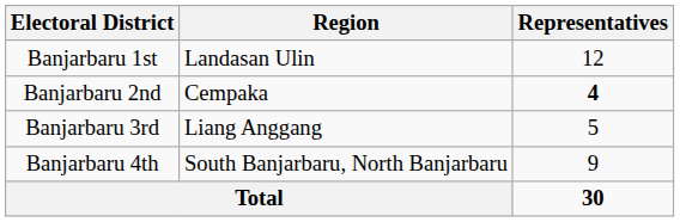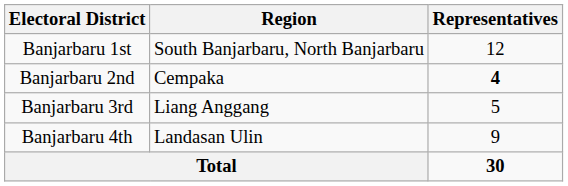 <table class="wikitable">
 <tr>
 <th>Electoral District</th>
 <th>Region</th>
 <th>Representatives</th>
 </tr>
 <tr>
 <td align="center">Banjarbaru 1st</td>
-<td>Landasan Ulin</td>
+<td>South Banjarbaru, North Banjarbaru</td>
 <td align="center">12</td>
 </tr>
 <tr>
 <td align="center">Banjarbaru 2nd</td>
 <td>Cempaka</td>
 <td align="center"><strong>4</strong></td>
 </tr>
 <tr>
 <td align="center">Banjarbaru 3rd</td>
 <td>Liang Anggang</td>
 <td align="center">5</td>
 </tr>
 <tr>
 <td align="center">Banjarbaru 4th</td>
-<td>South Banjarbaru, North Banjarbaru</td>
+<td>Landasan Ulin</td>
 <td align="center">9</td>
 </tr>
 <tr>
 <th colspan="2">Total</th>
 <td align="center"><strong>30</strong></td>
 </tr>
 </table>
